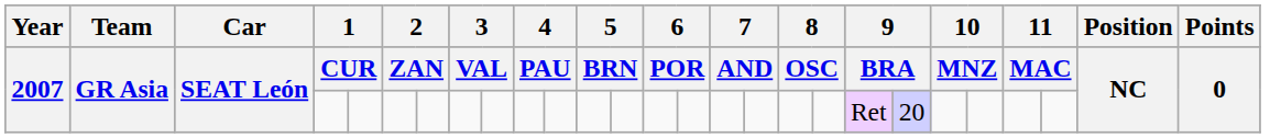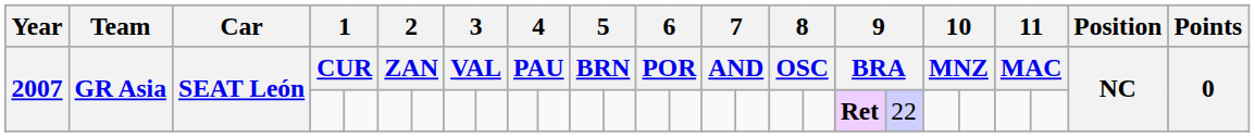 <table class="wikitable" style="text-align:center; font-size:85%">
 <tr>
 <th>Year</th>
 <th>Team</th>
 <th>Car</th>
 <th colspan=2>1</th>
 <th colspan=2>2</th>
 <th colspan=2>3</th>
 <th colspan=2>4</th>
 <th colspan=2>5</th>
 <th colspan=2>6</th>
 <th colspan=2>7</th>
 <th colspan=2>8</th>
 <th colspan=2>9</th>
 <th colspan=2>10</th>
 <th colspan=2>11</th>
 <th>Position</th>
 <th>Points</th>
 </tr>
 <tr>
 <th rowspan=2><a href='#'>2007</a></th>
 <th rowspan=2><a href='#'>GR Asia</a></th>
 <th rowspan=2><a href='#'>SEAT León</a></th>
 <th colspan=2><a href='#'>CUR</a></th>
 <th colspan=2><a href='#'>ZAN</a></th>
 <th colspan=2><a href='#'>VAL</a></th>
 <th colspan=2><a href='#'>PAU</a></th>
 <th colspan=2><a href='#'>BRN</a></th>
 <th colspan=2><a href='#'>POR</a></th>
 <th colspan=2><a href='#'>AND</a></th>
 <th colspan=2><a href='#'>OSC</a></th>
 <th colspan=2><a href='#'>BRA</a></th>
 <th colspan=2><a href='#'>MNZ</a></th>
 <th colspan=2><a href='#'>MAC</a></th>
 <th rowspan=2>NC</th>
 <th rowspan=2>0</th>
 </tr>
 <tr>
 <td></td>
 <td></td>
 <td></td>
 <td></td>
 <td></td>
 <td></td>
 <td></td>
 <td></td>
 <td></td>
 <td></td>
 <td></td>
 <td></td>
 <td></td>
 <td></td>
 <td></td>
 <td></td>
-<td style="background:#efcfff;">Ret</td>
-<td style="background:#cfcfff;">20</td>
+<td style="background:#efcfff;"><strong>Ret</strong></td>
+<td style="background:#cfcfff;">22</td>
 <td></td>
 <td></td>
 <td></td>
 <td></td>
 </tr>
 </table>
